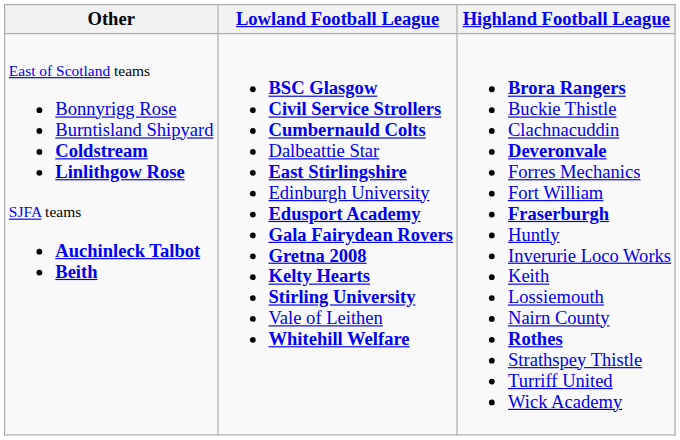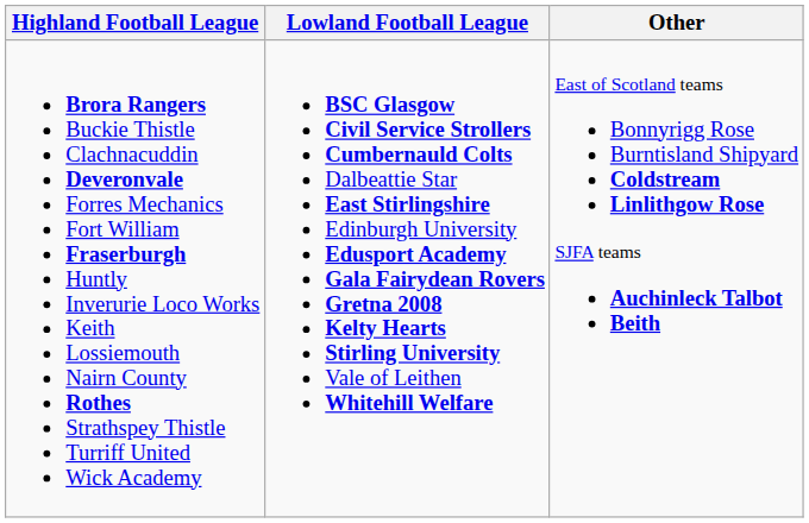 <table class="wikitable" style="text-align:left">
 <tr>
+<th><a href='#'>Highland Football League</a></th>
+<th><a href='#'>Lowland Football League</a></th>
 <th>Other</th>
-<th><a href='#'>Lowland Football League</a></th>
-<th><a href='#'>Highland Football League</a></th>
 </tr>
 <tr>
+<td valign=top><br><ul><li><strong><a href='#'>Brora Rangers</a></strong></li><li><a href='#'>Buckie Thistle</a></li><li><a href='#'>Clachnacuddin</a></li><li><strong><a href='#'>Deveronvale</a></strong></li><li><a href='#'>Forres Mechanics</a></li><li><a href='#'>Fort William</a></li><li><strong><a href='#'>Fraserburgh</a></strong></li><li><a href='#'>Huntly</a></li><li><a href='#'>Inverurie Loco Works</a></li><li><a href='#'>Keith</a></li><li><a href='#'>Lossiemouth</a></li><li><a href='#'>Nairn County</a></li><li><strong><a href='#'>Rothes</a></strong></li><li><a href='#'>Strathspey Thistle</a></li><li><a href='#'>Turriff United</a></li><li><a href='#'>Wick Academy</a></li></ul></td>
+<td valign=top><br><ul><li><strong><a href='#'>BSC Glasgow</a></strong></li><li><strong><a href='#'>Civil Service Strollers</a></strong></li><li><strong><a href='#'>Cumbernauld Colts</a></strong></li><li><a href='#'>Dalbeattie Star</a></li><li><strong><a href='#'>East Stirlingshire</a></strong></li><li><a href='#'>Edinburgh University</a></li><li><strong><a href='#'>Edusport Academy</a></strong></li><li><strong><a href='#'>Gala Fairydean Rovers</a></strong></li><li><strong><a href='#'>Gretna 2008</a></strong></li><li><strong><a href='#'>Kelty Hearts</a></strong></li><li><strong><a href='#'>Stirling University</a></strong></li><li><a href='#'>Vale of Leithen</a></li><li><strong><a href='#'>Whitehill Welfare</a></strong></li></ul></td>
 <td valign=top><br><small><a href='#'>East of Scotland</a> teams</small><ul><li><a href='#'>Bonnyrigg Rose</a></li><li><a href='#'>Burntisland Shipyard</a></li><li><strong><a href='#'>Coldstream</a></strong></li><li><strong><a href='#'>Linlithgow Rose</a></strong></li></ul><small><a href='#'>SJFA</a> teams</small><ul><li><strong><a href='#'>Auchinleck Talbot</a></strong></li><li><strong><a href='#'>Beith</a></strong></li></ul></td>
-<td valign=top><br><ul><li><strong><a href='#'>BSC Glasgow</a></strong></li><li><strong><a href='#'>Civil Service Strollers</a></strong></li><li><strong><a href='#'>Cumbernauld Colts</a></strong></li><li><a href='#'>Dalbeattie Star</a></li><li><strong><a href='#'>East Stirlingshire</a></strong></li><li><a href='#'>Edinburgh University</a></li><li><strong><a href='#'>Edusport Academy</a></strong></li><li><strong><a href='#'>Gala Fairydean Rovers</a></strong></li><li><strong><a href='#'>Gretna 2008</a></strong></li><li><strong><a href='#'>Kelty Hearts</a></strong></li><li><strong><a href='#'>Stirling University</a></strong></li><li><a href='#'>Vale of Leithen</a></li><li><strong><a href='#'>Whitehill Welfare</a></strong></li></ul></td>
-<td valign=top><br><ul><li><strong><a href='#'>Brora Rangers</a></strong></li><li><a href='#'>Buckie Thistle</a></li><li><a href='#'>Clachnacuddin</a></li><li><strong><a href='#'>Deveronvale</a></strong></li><li><a href='#'>Forres Mechanics</a></li><li><a href='#'>Fort William</a></li><li><strong><a href='#'>Fraserburgh</a></strong></li><li><a href='#'>Huntly</a></li><li><a href='#'>Inverurie Loco Works</a></li><li><a href='#'>Keith</a></li><li><a href='#'>Lossiemouth</a></li><li><a href='#'>Nairn County</a></li><li><strong><a href='#'>Rothes</a></strong></li><li><a href='#'>Strathspey Thistle</a></li><li><a href='#'>Turriff United</a></li><li><a href='#'>Wick Academy</a></li></ul></td>
 </tr>
 </table>
